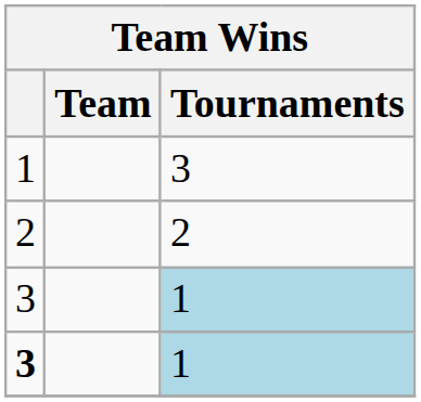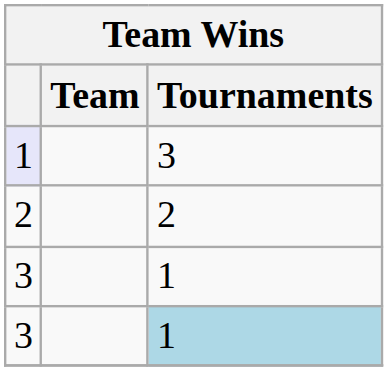 <table class="wikitable">
 <tr>
 <th colspan="3">Team Wins</th>
 </tr>
 <tr>
 <th></th>
 <th>Team</th>
 <th>Tournaments</th>
 </tr>
 <tr>
-<td>1</td>
+<td style="background: lavender;">1</td>
 <td><br></td>
 <td>3</td>
 </tr>
 <tr>
 <td>2</td>
 <td><br></td>
 <td>2</td>
 </tr>
 <tr>
 <td>3</td>
 <td><br></td>
-<td style="background: lightblue;">1</td>
+<td>1</td>
 </tr>
 <tr>
-<td><strong>3</strong></td>
+<td>3</td>
 <td><br></td>
 <td style="background: lightblue;">1</td>
 </tr>
 <tr>
 </tr>
 </table>
